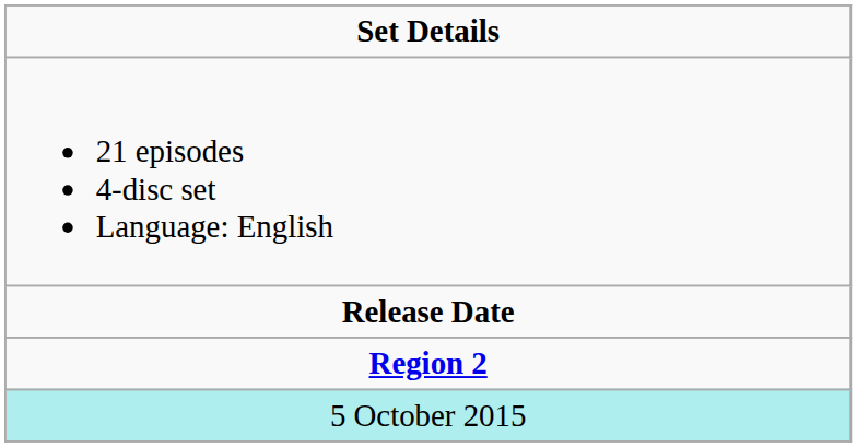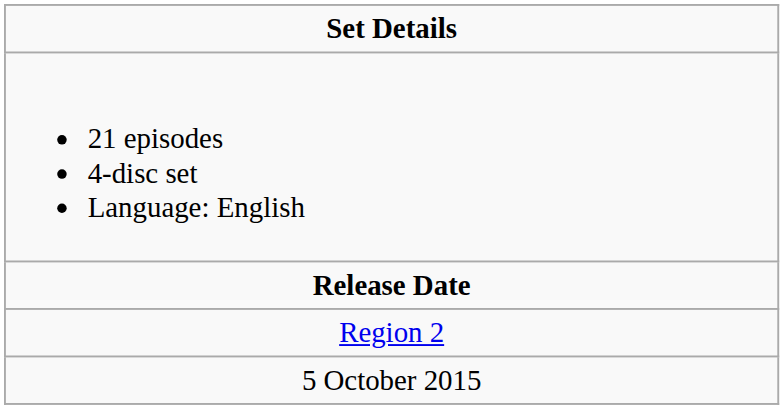 <table class="wikitable" style="font-size: 95%;">
 <tr valign="top">
 <td align="center" width="400" colspan="3"><strong>Set Details</strong></td>
 </tr>
 <tr valign="top">
 <td colspan="3" align="left" width="400"><br><ul><li>21 episodes</li><li>4-disc set</li><li>Language: English</li></ul></td>
 </tr>
 <tr>
 <td colspan="3" align="center"><strong>Release Date</strong></td>
 </tr>
 <tr>
-<td align="center"><strong><a href='#'>Region 2</a></strong></td>
+<td align="center"><a href='#'>Region 2</a></td>
 </tr>
 <tr>
-<td align="center" style="background: paleturquoise;">5 October 2015</td>
+<td align="center">5 October 2015</td>
 </tr>
 </table>
